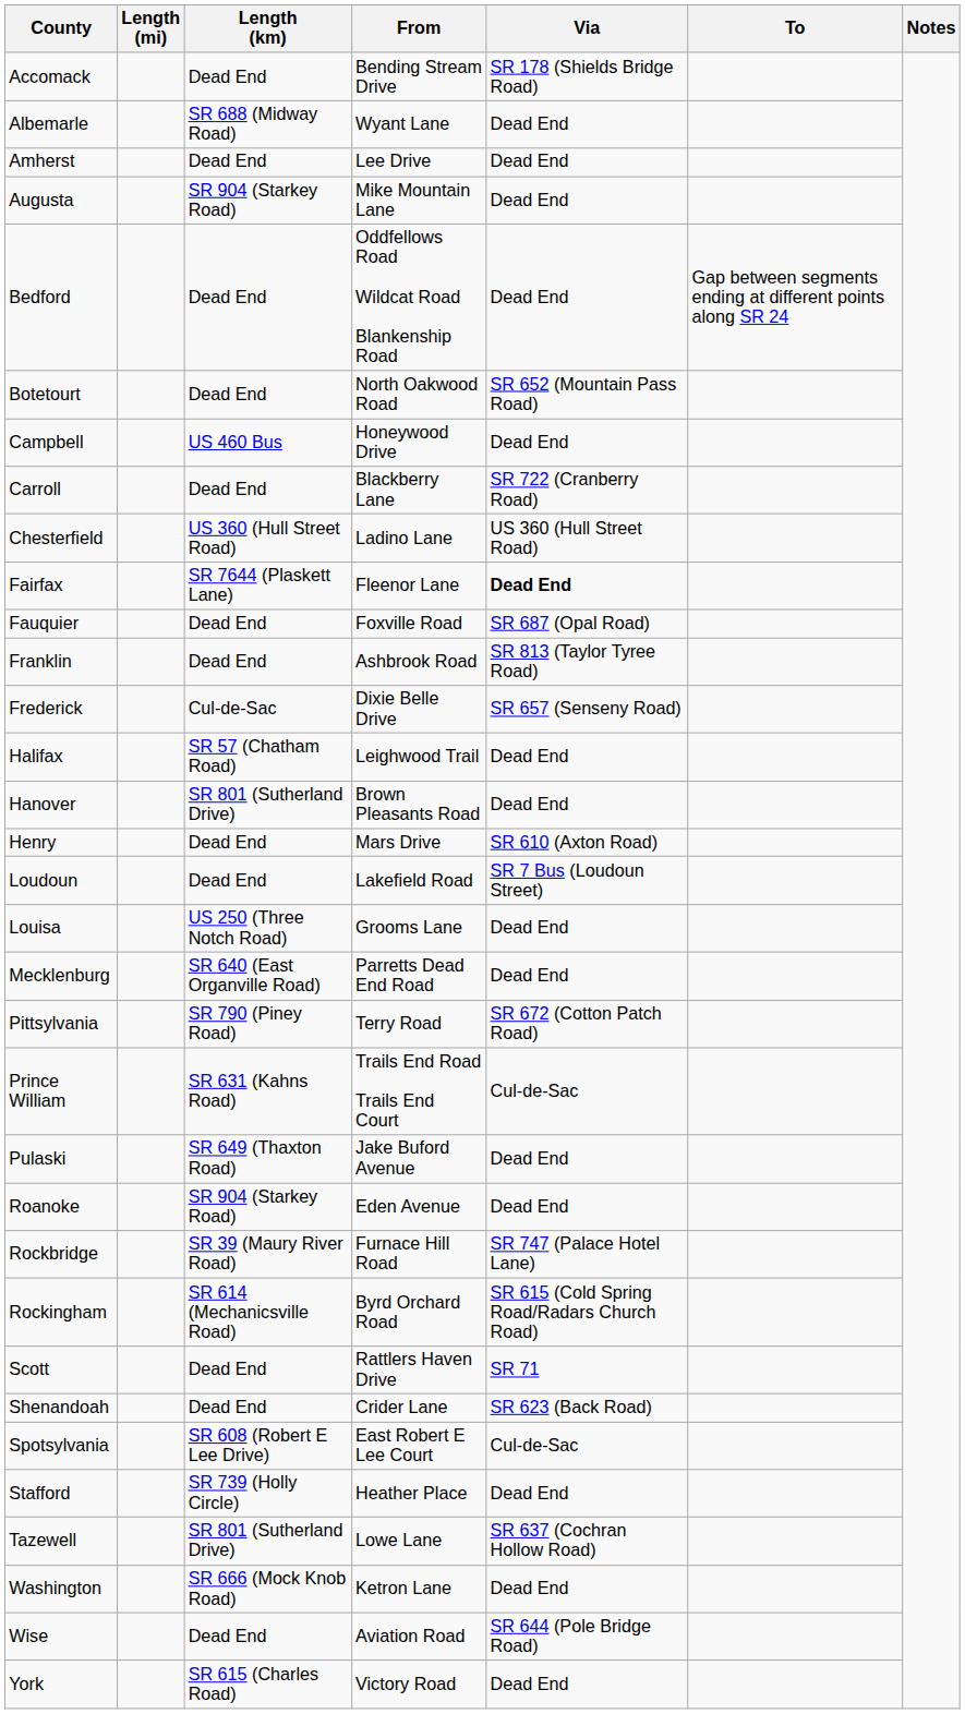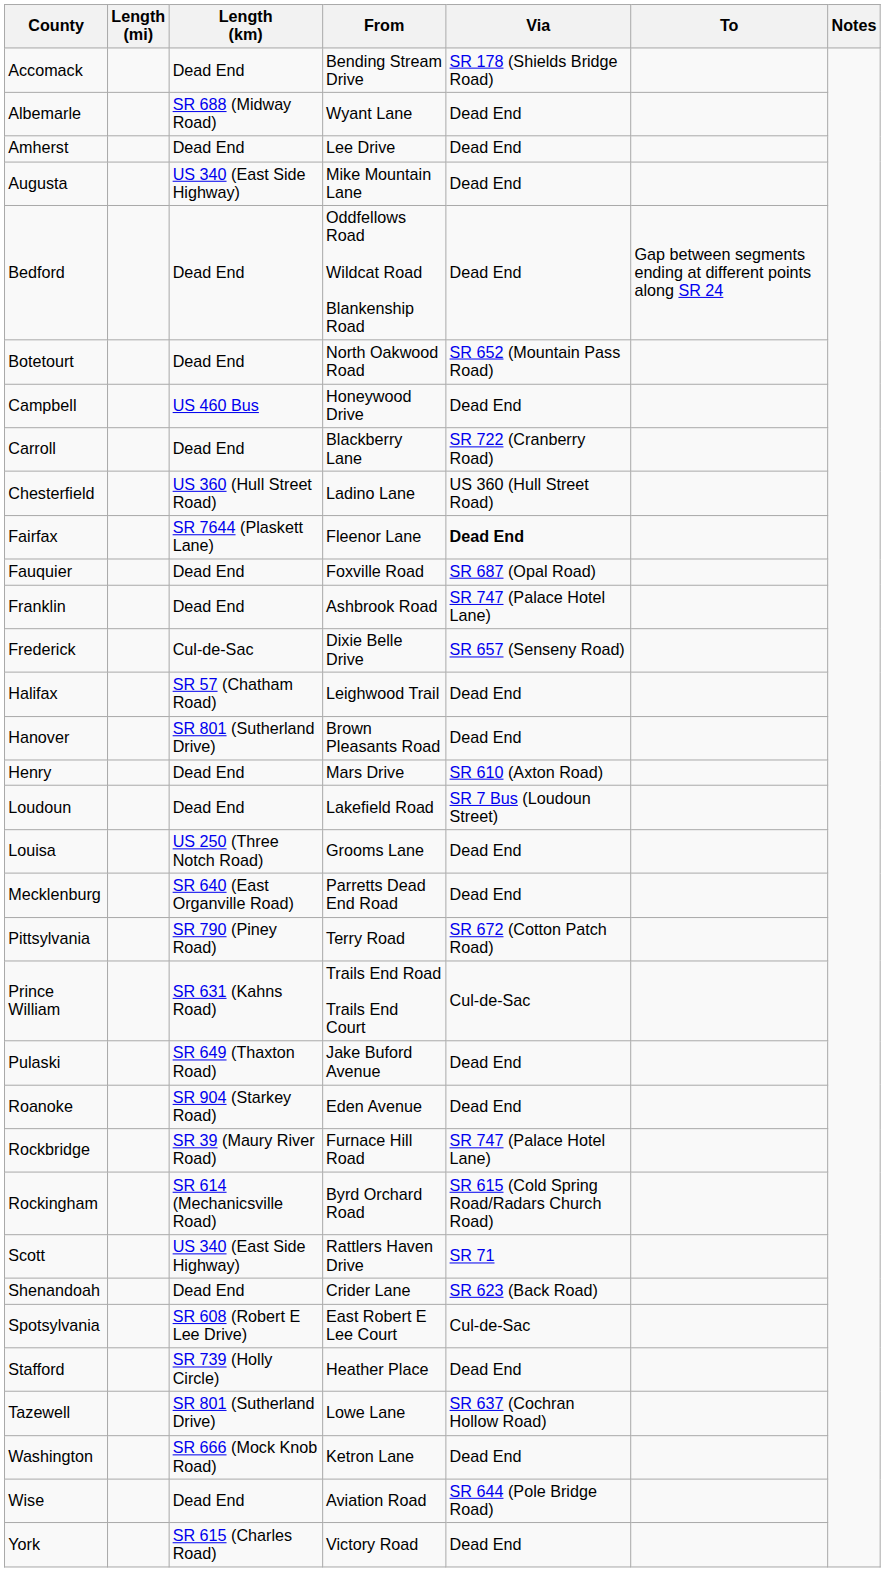 <table class="wikitable sortable">
 <tr>
 <th>County</th>
 <th>Length<br>(mi)</th>
 <th>Length<br>(km)</th>
 <th class="unsortable">From</th>
 <th class="unsortable">Via</th>
 <th class="unsortable">To</th>
 <th class="unsortable">Notes</th>
 </tr>
 <tr>
 <td id="Accomack">Accomack</td>
 <td></td>
 <td>Dead End</td>
 <td>Bending Stream Drive</td>
 <td><a href='#'>SR 178</a> (Shields Bridge Road)</td>
 <td></td>
 </tr>
 <tr>
 <td id="Albemarle">Albemarle</td>
 <td></td>
 <td><a href='#'>SR 688</a> (Midway Road)</td>
 <td>Wyant Lane</td>
 <td>Dead End</td>
 <td><br> </td>
 </tr>
 <tr>
 <td id="Amherst">Amherst</td>
 <td></td>
 <td>Dead End</td>
 <td>Lee Drive</td>
 <td>Dead End</td>
 <td><br> </td>
 </tr>
 <tr>
 <td id="Augusta">Augusta</td>
 <td></td>
-<td><a href='#'>SR 904</a> (Starkey Road)</td>
+<td><a href='#'>US 340</a> (East Side Highway)</td>
 <td>Mike Mountain Lane</td>
 <td>Dead End</td>
 <td><br></td>
 </tr>
 <tr>
 <td id="Bedford">Bedford</td>
 <td></td>
 <td>Dead End</td>
 <td>Oddfellows Road<br><br>Wildcat Road<br><br>Blankenship Road</td>
 <td>Dead End</td>
 <td>Gap between segments ending at different points along <a href='#'>SR 24</a><br></td>
 </tr>
 <tr>
 <td id="Botetourt">Botetourt</td>
 <td></td>
 <td>Dead End</td>
 <td>North Oakwood Road</td>
 <td><a href='#'>SR 652</a> (Mountain Pass Road)</td>
 <td><br>  </td>
 </tr>
 <tr>
 <td id="Campbell">Campbell</td>
 <td></td>
 <td><a href='#'>US 460 Bus</a></td>
 <td>Honeywood Drive</td>
 <td>Dead End</td>
 <td><br></td>
 </tr>
 <tr>
 <td id="Carroll">Carroll</td>
 <td></td>
 <td>Dead End</td>
 <td>Blackberry Lane</td>
 <td><a href='#'>SR 722</a> (Cranberry Road)</td>
 <td><br> </td>
 </tr>
 <tr>
 <td id="Chesterfield">Chesterfield</td>
 <td></td>
 <td><a href='#'>US 360</a> (Hull Street Road)</td>
 <td>Ladino Lane</td>
 <td>US 360 (Hull Street Road)</td>
 <td><br>      </td>
 </tr>
 <tr>
 <td id="Fairfax">Fairfax</td>
 <td></td>
 <td><a href='#'>SR 7644</a> (Plaskett Lane)</td>
 <td>Fleenor Lane</td>
 <td><strong>Dead End</strong></td>
 <td></td>
 </tr>
 <tr>
 <td id="Fauquier">Fauquier</td>
 <td></td>
 <td>Dead End</td>
 <td>Foxville Road</td>
 <td><a href='#'>SR 687</a> (Opal Road)</td>
 <td><br> </td>
 </tr>
 <tr>
 <td id="Franklin">Franklin</td>
 <td></td>
 <td>Dead End</td>
 <td>Ashbrook Road</td>
-<td><a href='#'>SR 813</a> (Taylor Tyree Road)</td>
+<td><a href='#'>SR 747</a> (Palace Hotel Lane)</td>
 <td></td>
 </tr>
 <tr>
 <td id="Frederick">Frederick</td>
 <td></td>
 <td>Cul-de-Sac</td>
 <td>Dixie Belle Drive</td>
 <td><a href='#'>SR 657</a> (Senseny Road)</td>
 <td><br>     </td>
 </tr>
 <tr>
 <td id="Halifax">Halifax</td>
 <td></td>
 <td><a href='#'>SR 57</a> (Chatham Road)</td>
 <td>Leighwood Trail</td>
 <td>Dead End</td>
 <td></td>
 </tr>
 <tr>
 <td id="Hanover">Hanover</td>
 <td></td>
 <td><a href='#'>SR 801</a> (Sutherland Drive)</td>
 <td>Brown Pleasants Road</td>
 <td>Dead End</td>
 <td><br></td>
 </tr>
 <tr>
 <td id="Henry">Henry</td>
 <td></td>
 <td>Dead End</td>
 <td>Mars Drive</td>
 <td><a href='#'>SR 610</a> (Axton Road)</td>
 <td><br>       </td>
 </tr>
 <tr>
 <td id="Loudoun">Loudoun</td>
 <td></td>
 <td>Dead End</td>
 <td>Lakefield Road</td>
 <td><a href='#'>SR 7 Bus</a> (Loudoun Street)</td>
 <td></td>
 </tr>
 <tr>
 <td id="Louisa">Louisa</td>
 <td></td>
 <td><a href='#'>US 250</a> (Three Notch Road)</td>
 <td>Grooms Lane</td>
 <td>Dead End</td>
 <td><br>  </td>
 </tr>
 <tr>
 <td id="Mecklenburg">Mecklenburg</td>
 <td></td>
 <td><a href='#'>SR 640</a> (East Organville Road)</td>
 <td>Parretts Dead End Road</td>
 <td>Dead End</td>
 <td><br>         </td>
 </tr>
 <tr>
 <td id="Pittsylvania">Pittsylvania</td>
 <td></td>
 <td><a href='#'>SR 790</a> (Piney Road)</td>
 <td>Terry Road</td>
 <td><a href='#'>SR 672</a> (Cotton Patch Road)</td>
 <td><br>  </td>
 </tr>
 <tr>
 <td id="Prince William">Prince William</td>
 <td></td>
 <td><a href='#'>SR 631</a> (Kahns Road)</td>
 <td>Trails End Road<br><br>Trails End Court</td>
 <td>Cul-de-Sac</td>
 <td></td>
 </tr>
 <tr>
 <td id="Pulaski">Pulaski</td>
 <td></td>
 <td><a href='#'>SR 649</a> (Thaxton Road)</td>
 <td>Jake Buford Avenue</td>
 <td>Dead End</td>
 <td><br> </td>
 </tr>
 <tr>
 <td id="Roanoke">Roanoke</td>
 <td></td>
 <td><a href='#'>SR 904</a> (Starkey Road)</td>
 <td>Eden Avenue</td>
 <td>Dead End</td>
 <td></td>
 </tr>
 <tr>
 <td id="Rockbridge">Rockbridge</td>
 <td></td>
 <td><a href='#'>SR 39</a> (Maury River Road)</td>
 <td>Furnace Hill Road</td>
 <td><a href='#'>SR 747</a> (Palace Hotel Lane)</td>
 <td></td>
 </tr>
 <tr>
 <td id="Rockingham">Rockingham</td>
 <td></td>
 <td><a href='#'>SR 614</a> (Mechanicsville Road)</td>
 <td>Byrd Orchard Road</td>
 <td><a href='#'>SR 615</a> (Cold Spring Road/Radars Church Road)</td>
 <td><br></td>
 </tr>
 <tr>
 <td id="Scott">Scott</td>
 <td></td>
-<td>Dead End</td>
+<td><a href='#'>US 340</a> (East Side Highway)</td>
 <td>Rattlers Haven Drive</td>
 <td><a href='#'>SR 71</a></td>
 <td></td>
 </tr>
 <tr>
 <td id="Shenandoah">Shenandoah</td>
 <td></td>
 <td>Dead End</td>
 <td>Crider Lane</td>
 <td><a href='#'>SR 623</a> (Back Road)</td>
 <td><br> </td>
 </tr>
 <tr>
 <td id="Spotsylvania">Spotsylvania</td>
 <td></td>
 <td><a href='#'>SR 608</a> (Robert E Lee Drive)</td>
 <td>East Robert E Lee Court</td>
 <td>Cul-de-Sac</td>
 <td></td>
 </tr>
 <tr>
 <td id="Stafford">Stafford</td>
 <td></td>
 <td><a href='#'>SR 739</a> (Holly Circle)</td>
 <td>Heather Place</td>
 <td>Dead End</td>
 <td><br> </td>
 </tr>
 <tr>
 <td id="Tazewell">Tazewell</td>
 <td></td>
 <td><a href='#'>SR 801</a> (Sutherland Drive)</td>
 <td>Lowe Lane</td>
 <td><a href='#'>SR 637</a> (Cochran Hollow Road)</td>
 <td><br></td>
 </tr>
 <tr>
 <td id="Washington">Washington</td>
 <td></td>
 <td><a href='#'>SR 666</a> (Mock Knob Road)</td>
 <td>Ketron Lane</td>
 <td>Dead End</td>
 <td><br></td>
 </tr>
 <tr>
 <td id="Wise">Wise</td>
 <td></td>
 <td>Dead End</td>
 <td>Aviation Road</td>
 <td><a href='#'>SR 644</a> (Pole Bridge Road)</td>
 <td><br></td>
 </tr>
 <tr>
 <td id="York">York</td>
 <td></td>
 <td><a href='#'>SR 615</a> (Charles Road)</td>
 <td>Victory Road</td>
 <td>Dead End</td>
 <td></td>
 </tr>
 </table>
